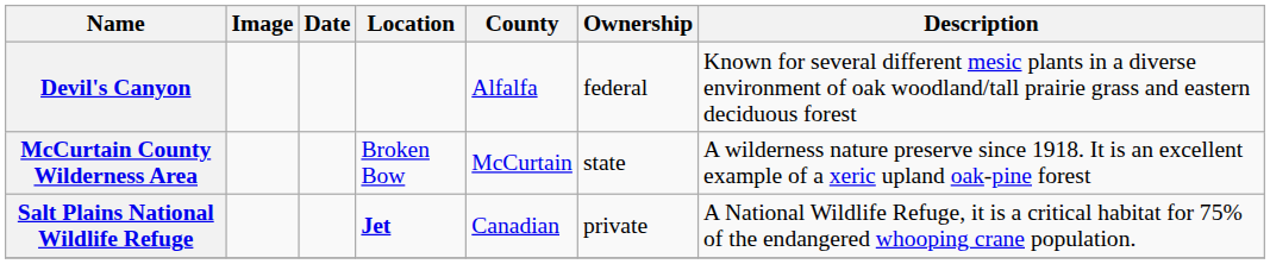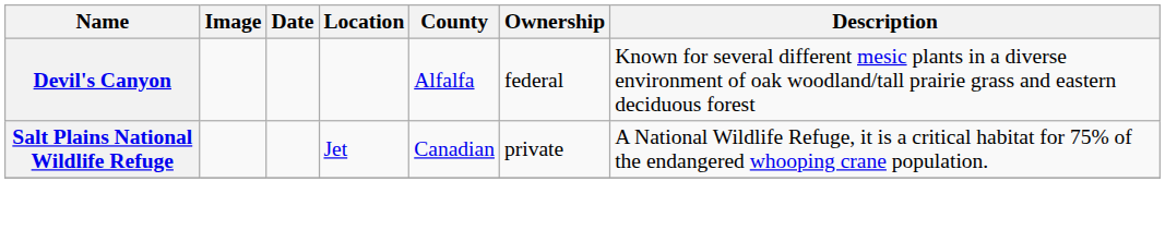 <table class="wikitable sortable" align="center">
 <tr>
 <th style="background-color:">Name</th>
 <th style="background-color:">Image</th>
 <th style="background-color:">Date</th>
 <th style="background-color:">Location</th>
 <th style="background-color:">County</th>
 <th style="background-color:">Ownership</th>
 <th style="background-color:">Description</th>
 </tr>
 <tr>
 <th><a href='#'>Devil's Canyon</a></th>
 <td></td>
 <td></td>
 <td></td>
 <td><a href='#'>Alfalfa</a></td>
 <td>federal</td>
 <td>Known for several different <a href='#'>mesic</a> plants in a diverse environment of oak woodland/tall prairie grass and eastern deciduous forest</td>
 </tr>
 <tr>
-<th><a href='#'>McCurtain County Wilderness Area</a></th>
-<td></td>
-<td></td>
-<td><a href='#'>Broken Bow</a> <small></small></td>
-<td><a href='#'>McCurtain</a></td>
-<td>state</td>
-<td>A  wilderness nature preserve since 1918. It is an excellent example of a <a href='#'>xeric</a> upland <a href='#'>oak</a>-<a href='#'>pine</a> forest</td>
-</tr>
-<tr>
 <th><a href='#'>Salt Plains National Wildlife Refuge</a></th>
 <td></td>
 <td></td>
-<td><strong><a href='#'>Jet</a> <small></small></strong></td>
+<td><a href='#'>Jet</a> <small></small></td>
 <td><a href='#'>Canadian</a></td>
 <td>private</td>
 <td>A  National Wildlife Refuge, it is a critical habitat for 75% of the endangered <a href='#'>whooping crane</a> population.</td>
 </tr>
 <tr>
 </tr>
 </table>
